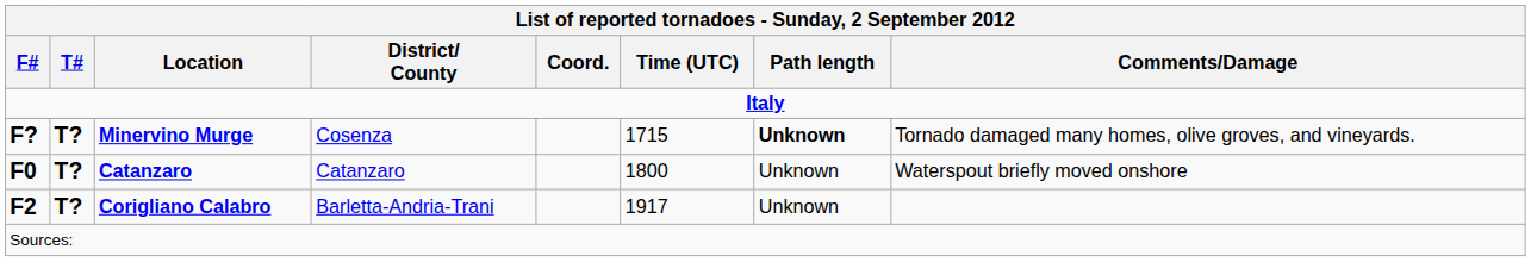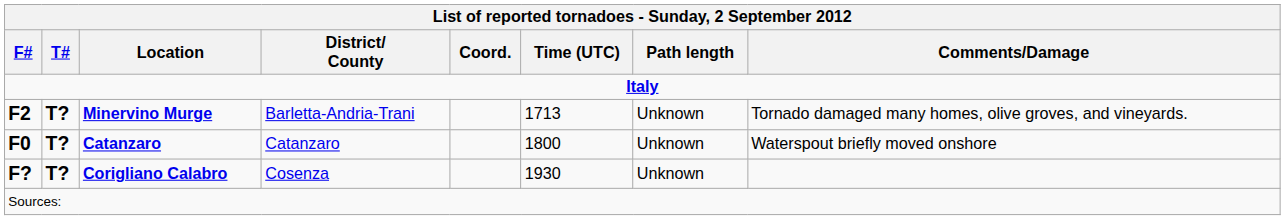 <table class="wikitable collapsible" width="100%">
 <tr>
 <th colspan="8">List of reported tornadoes - Sunday, 2 September 2012</th>
 </tr>
 <tr>
 <th><a href='#'>F#</a></th>
 <th><a href='#'>T#</a></th>
 <th>Location</th>
 <th>District/<br>County</th>
 <th>Coord.</th>
 <th>Time (UTC)</th>
 <th>Path length</th>
 <th>Comments/Damage</th>
 </tr>
 <tr>
 <td colspan="8" align=center><strong><a href='#'>Italy</a></strong></td>
 </tr>
 <tr>
-<td><big><strong>F?</strong></big></td>
+<td><big><strong>F2</strong></big></td>
 <td><big><strong>T?</strong></big></td>
 <td><strong><a href='#'>Minervino Murge</a></strong></td>
-<td><a href='#'>Cosenza</a></td>
+<td><a href='#'>Barletta-Andria-Trani</a></td>
 <td></td>
-<td>1715</td>
-<td><strong>Unknown</strong></td>
+<td>1713</td>
+<td>Unknown</td>
 <td>Tornado damaged many homes, olive groves, and vineyards.</td>
 </tr>
 <tr>
 <td><big><strong>F0</strong></big></td>
 <td><big><strong>T?</strong></big></td>
 <td><strong><a href='#'>Catanzaro</a></strong></td>
 <td><a href='#'>Catanzaro</a></td>
 <td></td>
 <td>1800</td>
 <td>Unknown</td>
 <td>Waterspout briefly moved onshore</td>
 </tr>
 <tr>
-<td><big><strong>F2</strong></big></td>
+<td><big><strong>F?</strong></big></td>
 <td><big><strong>T?</strong></big></td>
 <td><strong><a href='#'>Corigliano Calabro</a></strong></td>
-<td><a href='#'>Barletta-Andria-Trani</a></td>
+<td><a href='#'>Cosenza</a></td>
 <td></td>
-<td>1917</td>
+<td>1930</td>
 <td>Unknown</td>
 <td></td>
 </tr>
 <tr>
 <td colspan="8"><small>Sources:  </small></td>
 </tr>
 </table>
